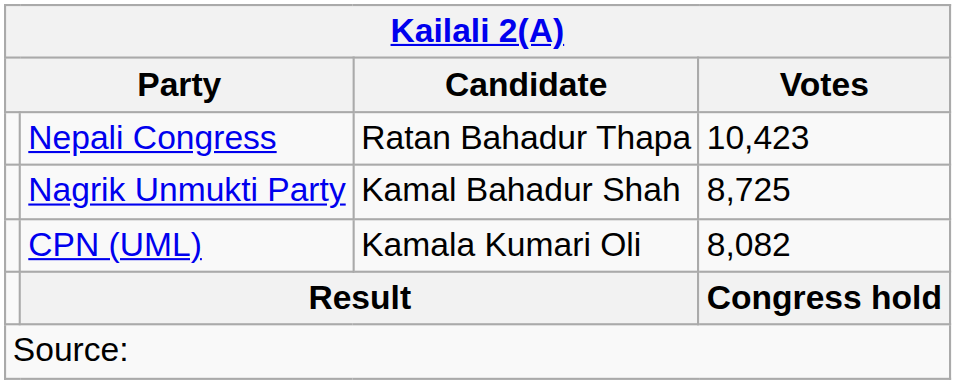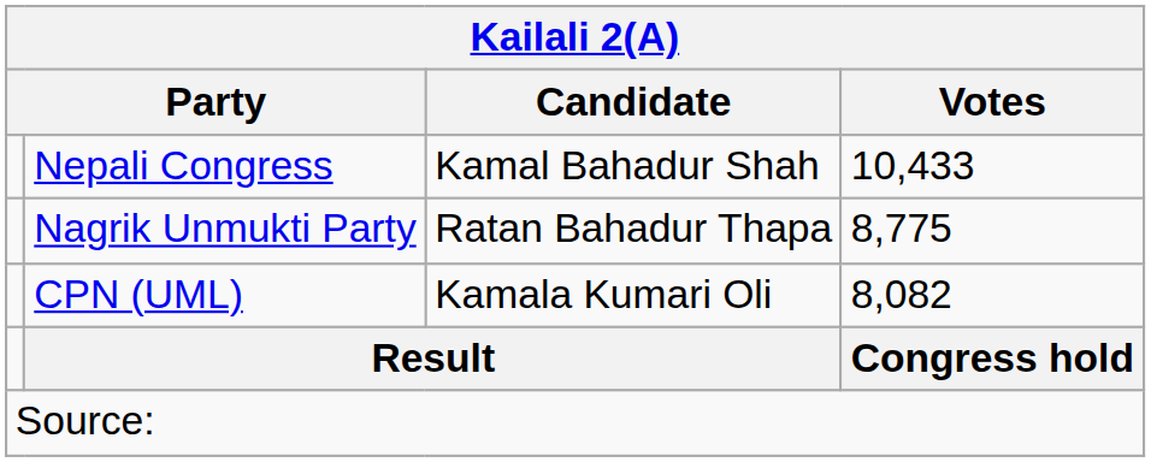 <table class="wikitable">
 <tr>
 <th colspan="4"><a href='#'>Kailali 2(A)</a></th>
 </tr>
 <tr>
 <th colspan="2">Party</th>
 <th>Candidate</th>
 <th>Votes</th>
 </tr>
 <tr>
 <td style="background-color:"></td>
 <td><a href='#'>Nepali Congress</a></td>
-<td>Ratan Bahadur Thapa</td>
-<td>10,423</td>
+<td>Kamal Bahadur Shah</td>
+<td>10,433</td>
 </tr>
 <tr>
 <td style="background-color:"></td>
 <td><a href='#'>Nagrik Unmukti Party</a></td>
-<td>Kamal Bahadur Shah</td>
-<td>8,725</td>
+<td>Ratan Bahadur Thapa</td>
+<td>8,775</td>
 </tr>
 <tr>
 <td style="background-color:"></td>
 <td><a href='#'>CPN (UML)</a></td>
 <td>Kamala Kumari Oli</td>
 <td>8,082</td>
 </tr>
 <tr>
 <td></td>
 <th colspan="2">Result</th>
 <th colspan="2">Congress hold</th>
 </tr>
 <tr>
 <td colspan="4">Source: </td>
 </tr>
 </table>
